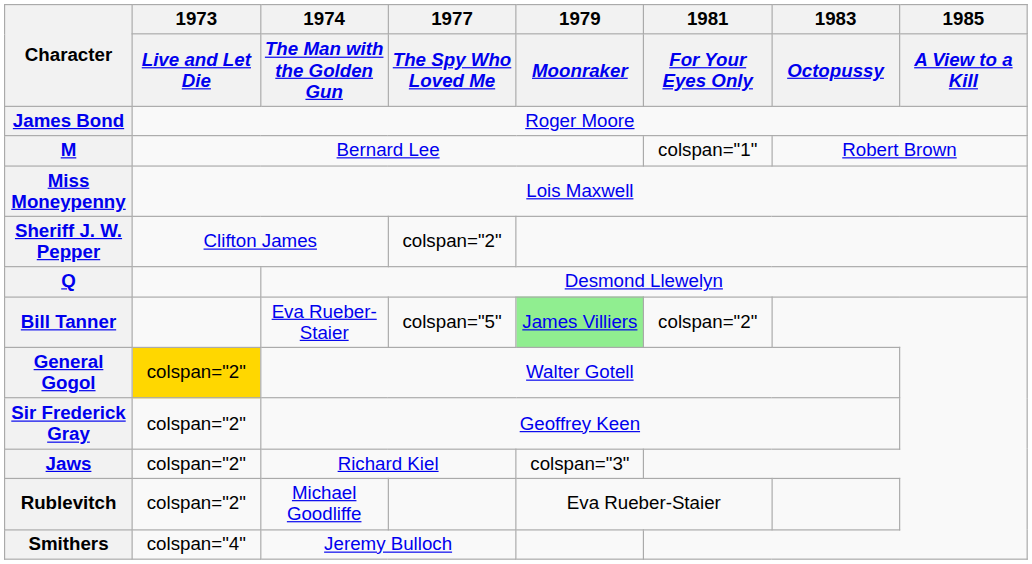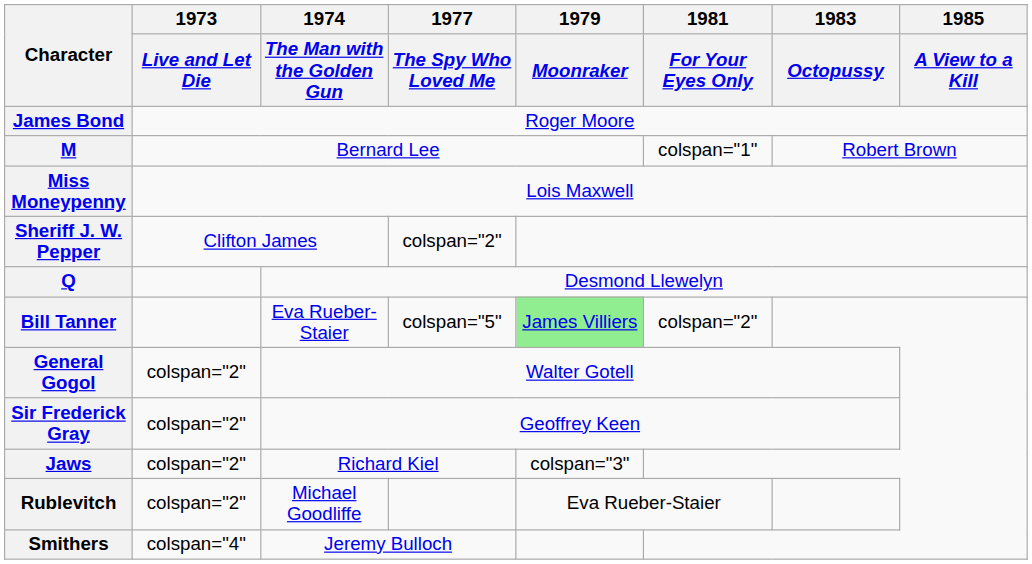 <table class="wikitable" style="text-align:center; width:99%;">
 <tr>
 <th rowspan="2" style="width:12.5%;">Character</th>
 <th>1973</th>
 <th>1974</th>
 <th>1977</th>
 <th>1979</th>
 <th>1981</th>
 <th>1983</th>
 <th>1985</th>
 </tr>
 <tr>
 <th style="width:12.5%;"><em><a href='#'>Live and Let Die</a></em></th>
 <th style="width:12.5%;"><em><a href='#'>The Man with the Golden Gun</a></em></th>
 <th style="width:12.5%;"><em><a href='#'>The Spy Who Loved Me</a></em></th>
 <th style="width:12.5%;"><em><a href='#'>Moonraker</a></em></th>
 <th style="width:12.5%;"><em><a href='#'>For Your Eyes Only</a></em></th>
 <th style="width:12.5%;"><em><a href='#'>Octopussy</a></em></th>
 <th style="width:12.5%;"><em><a href='#'>A View to a Kill</a></em></th>
 </tr>
 <tr>
 <th scope="row"><a href='#'>James Bond<br></a></th>
 <td colspan="7"><a href='#'>Roger Moore</a></td>
 </tr>
 <tr>
 <th scope="row"><a href='#'>M</a></th>
 <td colspan="4"><a href='#'>Bernard Lee</a></td>
 <td>colspan="1" </td>
 <td colspan="2"><a href='#'>Robert Brown</a></td>
 </tr>
 <tr>
 <th scope="row"><a href='#'>Miss Moneypenny</a></th>
 <td colspan="7"><a href='#'>Lois Maxwell</a></td>
 </tr>
 <tr>
 <th scope="row"><a href='#'>Sheriff J. W. Pepper</a></th>
 <td colspan="2"><a href='#'>Clifton James</a></td>
 <td>colspan="2" </td>
 </tr>
 <tr>
 <th scope="row"><a href='#'>Q</a></th>
 <td></td>
 <td colspan="6"><a href='#'>Desmond Llewelyn</a></td>
 </tr>
 <tr>
 <th scope="row"><a href='#'>Bill Tanner</a></th>
 <td></td>
 <td><a href='#'>Eva Rueber-Staier</a></td>
 <td>colspan="5" </td>
 <td style="background: lightgreen;"><a href='#'>James Villiers</a></td>
 <td>colspan="2" </td>
 </tr>
 <tr>
 <th scope="row"><a href='#'>General Gogol</a></th>
-<td style="background: gold;">colspan="2" </td>
+<td>colspan="2" </td>
 <td colspan="5"><a href='#'>Walter Gotell</a></td>
 </tr>
 <tr>
 <th scope="row"><a href='#'>Sir Frederick Gray</a></th>
 <td>colspan="2" </td>
 <td colspan="5"><a href='#'>Geoffrey Keen</a></td>
 </tr>
 <tr>
 <th scope="row"><a href='#'>Jaws</a></th>
 <td>colspan="2" </td>
 <td colspan="2"><a href='#'>Richard Kiel</a></td>
 <td>colspan="3" </td>
 </tr>
 <tr>
 <th scope="row">Rublevitch</th>
 <td>colspan="2" </td>
 <td><a href='#'>Michael Goodliffe</a></td>
 <td></td>
 <td colspan="2">Eva Rueber-Staier</td>
 <td></td>
 </tr>
 <tr>
 <th scope="row">Smithers</th>
 <td>colspan="4" </td>
 <td colspan="2"><a href='#'>Jeremy Bulloch</a></td>
 <td></td>
 </tr>
 </table>
